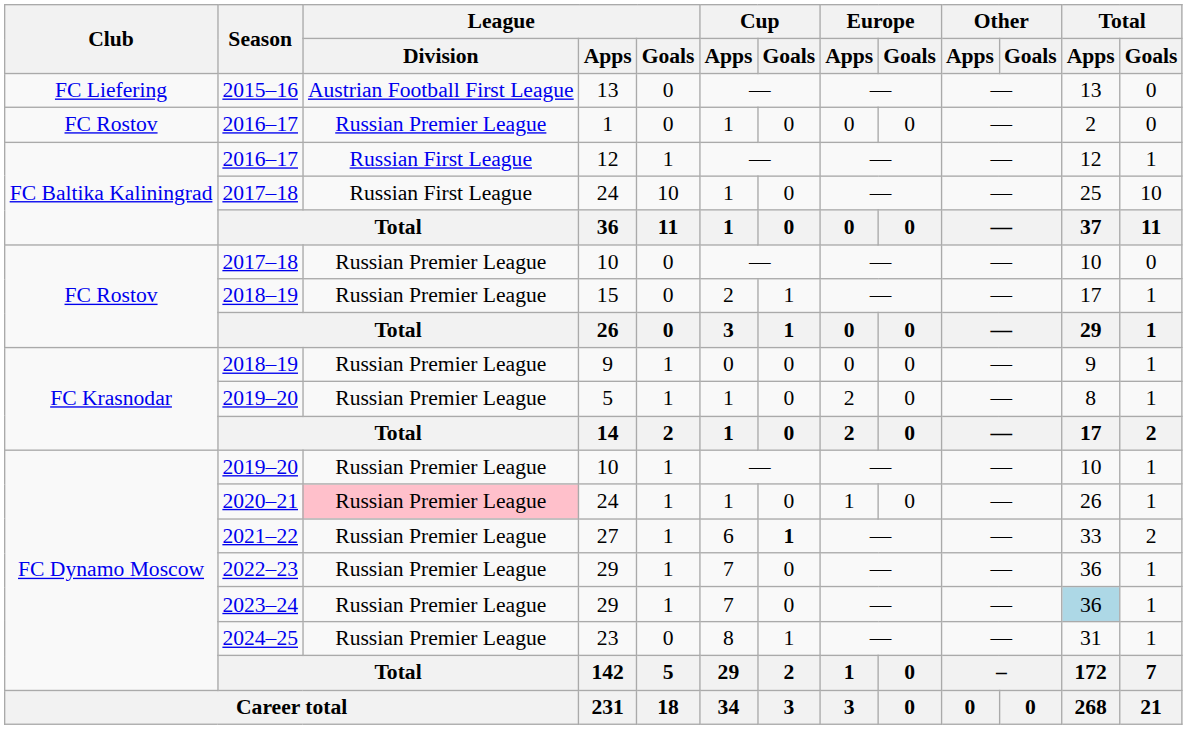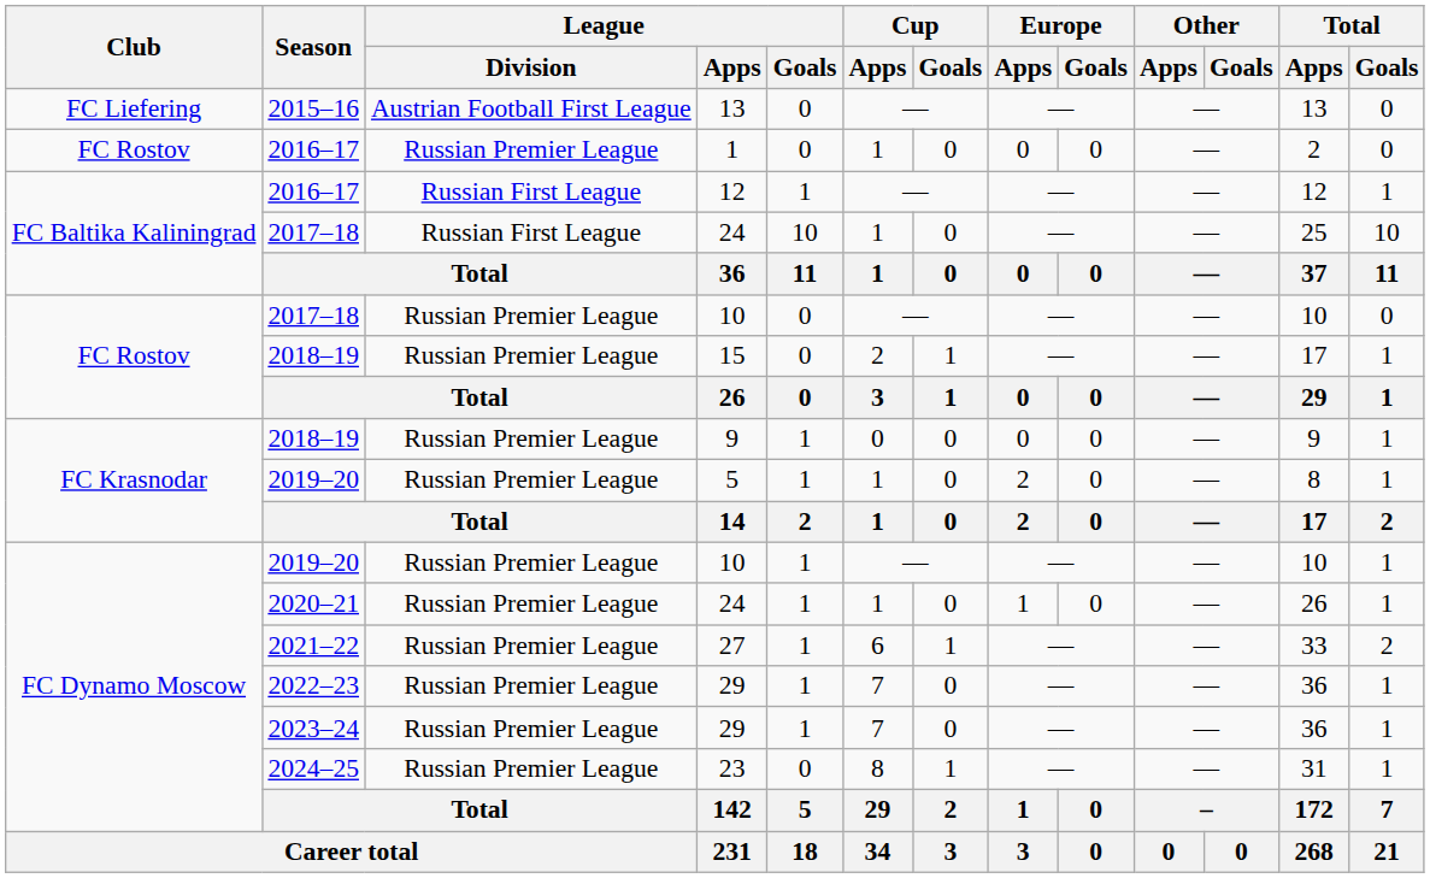 <table class="wikitable" style="text-align: center;">
 <tr>
 <th rowspan="2">Club</th>
 <th rowspan="2">Season</th>
 <th colspan="3">League</th>
 <th colspan="2">Cup</th>
 <th colspan="2">Europe</th>
 <th colspan="2">Other</th>
 <th colspan="2">Total</th>
 </tr>
 <tr>
 <th>Division</th>
 <th>Apps</th>
 <th>Goals</th>
 <th>Apps</th>
 <th>Goals</th>
 <th>Apps</th>
 <th>Goals</th>
 <th>Apps</th>
 <th>Goals</th>
 <th>Apps</th>
 <th>Goals</th>
 </tr>
 <tr>
 <td><a href='#'>FC Liefering</a></td>
 <td><a href='#'>2015–16</a></td>
 <td><a href='#'>Austrian Football First League</a></td>
 <td>13</td>
 <td>0</td>
 <td colspan="2">—</td>
 <td colspan="2">—</td>
 <td colspan="2">—</td>
 <td>13</td>
 <td>0</td>
 </tr>
 <tr>
 <td><a href='#'>FC Rostov</a></td>
 <td><a href='#'>2016–17</a></td>
 <td><a href='#'>Russian Premier League</a></td>
 <td>1</td>
 <td>0</td>
 <td>1</td>
 <td>0</td>
 <td>0</td>
 <td>0</td>
 <td colspan="2">—</td>
 <td>2</td>
 <td>0</td>
 </tr>
 <tr>
 <td rowspan=3><a href='#'>FC Baltika Kaliningrad</a></td>
 <td><a href='#'>2016–17</a></td>
 <td><a href='#'>Russian First League</a></td>
 <td>12</td>
 <td>1</td>
 <td colspan="2">—</td>
 <td colspan="2">—</td>
 <td colspan="2">—</td>
 <td>12</td>
 <td>1</td>
 </tr>
 <tr>
 <td><a href='#'>2017–18</a></td>
 <td>Russian First League</td>
 <td>24</td>
 <td>10</td>
 <td>1</td>
 <td>0</td>
 <td colspan="2">—</td>
 <td colspan="2">—</td>
 <td>25</td>
 <td>10</td>
 </tr>
 <tr>
 <th colspan=2>Total</th>
 <th>36</th>
 <th>11</th>
 <th>1</th>
 <th>0</th>
 <th>0</th>
 <th>0</th>
 <th colspan="2">—</th>
 <th>37</th>
 <th>11</th>
 </tr>
 <tr>
 <td rowspan=3><a href='#'>FC Rostov</a></td>
 <td><a href='#'>2017–18</a></td>
 <td>Russian Premier League</td>
 <td>10</td>
 <td>0</td>
 <td colspan="2">—</td>
 <td colspan="2">—</td>
 <td colspan="2">—</td>
 <td>10</td>
 <td>0</td>
 </tr>
 <tr>
 <td><a href='#'>2018–19</a></td>
 <td>Russian Premier League</td>
 <td>15</td>
 <td>0</td>
 <td>2</td>
 <td>1</td>
 <td colspan="2">—</td>
 <td colspan="2">—</td>
 <td>17</td>
 <td>1</td>
 </tr>
 <tr>
 <th colspan=2>Total</th>
 <th>26</th>
 <th>0</th>
 <th>3</th>
 <th>1</th>
 <th>0</th>
 <th>0</th>
 <th colspan="2">—</th>
 <th>29</th>
 <th>1</th>
 </tr>
 <tr>
 <td rowspan=3><a href='#'>FC Krasnodar</a></td>
 <td><a href='#'>2018–19</a></td>
 <td>Russian Premier League</td>
 <td>9</td>
 <td>1</td>
 <td>0</td>
 <td>0</td>
 <td>0</td>
 <td>0</td>
 <td colspan="2">—</td>
 <td>9</td>
 <td>1</td>
 </tr>
 <tr>
 <td><a href='#'>2019–20</a></td>
 <td>Russian Premier League</td>
 <td>5</td>
 <td>1</td>
 <td>1</td>
 <td>0</td>
 <td>2</td>
 <td>0</td>
 <td colspan="2">—</td>
 <td>8</td>
 <td>1</td>
 </tr>
 <tr>
 <th colspan=2>Total</th>
 <th>14</th>
 <th>2</th>
 <th>1</th>
 <th>0</th>
 <th>2</th>
 <th>0</th>
 <th colspan="2">—</th>
 <th>17</th>
 <th>2</th>
 </tr>
 <tr>
 <td rowspan="7"><a href='#'>FC Dynamo Moscow</a></td>
 <td><a href='#'>2019–20</a></td>
 <td>Russian Premier League</td>
 <td>10</td>
 <td>1</td>
 <td colspan="2">—</td>
 <td colspan="2">—</td>
 <td colspan="2">—</td>
 <td>10</td>
 <td>1</td>
 </tr>
 <tr>
 <td><a href='#'>2020–21</a></td>
-<td style="background: pink;">Russian Premier League</td>
+<td>Russian Premier League</td>
 <td>24</td>
 <td>1</td>
 <td>1</td>
 <td>0</td>
 <td>1</td>
 <td>0</td>
 <td colspan="2">—</td>
 <td>26</td>
 <td>1</td>
 </tr>
 <tr>
 <td><a href='#'>2021–22</a></td>
 <td>Russian Premier League</td>
 <td>27</td>
 <td>1</td>
 <td>6</td>
-<td><strong>1</strong></td>
+<td>1</td>
 <td colspan="2">—</td>
 <td colspan="2">—</td>
 <td>33</td>
 <td>2</td>
 </tr>
 <tr>
 <td><a href='#'>2022–23</a></td>
 <td>Russian Premier League</td>
 <td>29</td>
 <td>1</td>
 <td>7</td>
 <td>0</td>
 <td colspan="2">—</td>
 <td colspan="2">—</td>
 <td>36</td>
 <td>1</td>
 </tr>
 <tr>
 <td><a href='#'>2023–24</a></td>
 <td>Russian Premier League</td>
 <td>29</td>
 <td>1</td>
 <td>7</td>
 <td>0</td>
 <td colspan="2">—</td>
 <td colspan="2">—</td>
-<td style="background: lightblue;">36</td>
+<td>36</td>
 <td>1</td>
 </tr>
 <tr>
 <td><a href='#'>2024–25</a></td>
 <td>Russian Premier League</td>
 <td>23</td>
 <td>0</td>
 <td>8</td>
 <td>1</td>
 <td colspan="2">—</td>
 <td colspan="2">—</td>
 <td>31</td>
 <td>1</td>
 </tr>
 <tr>
 <th colspan="2">Total</th>
 <th>142</th>
 <th>5</th>
 <th>29</th>
 <th>2</th>
 <th>1</th>
 <th>0</th>
 <th colspan=2>–</th>
 <th>172</th>
 <th>7</th>
 </tr>
 <tr>
 <th colspan="3">Career total</th>
 <th>231</th>
 <th>18</th>
 <th>34</th>
 <th>3</th>
 <th>3</th>
 <th>0</th>
 <th>0</th>
 <th>0</th>
 <th>268</th>
 <th>21</th>
 </tr>
 </table>
